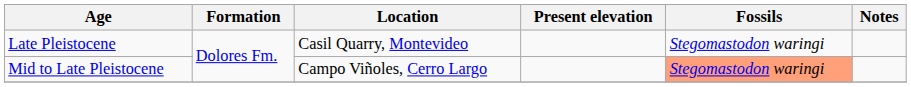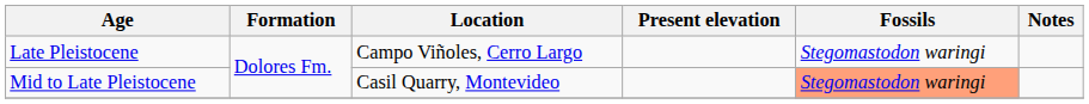 <table class="wikitable sortable" style="width: 70%;">
 <tr>
 <th>Age</th>
 <th>Formation</th>
 <th>Location</th>
 <th>Present elevation</th>
 <th>Fossils</th>
 <th class="unsortable">Notes</th>
 </tr>
 <tr>
 <td style="background-color: "><a href='#'>Late Pleistocene</a></td>
 <td rowspan=2><a href='#'>Dolores Fm.</a></td>
-<td>Casil Quarry, <a href='#'>Montevideo</a></td>
+<td>Campo Viñoles, <a href='#'>Cerro Largo</a></td>
 <td></td>
 <td><em><a href='#'>Stegomastodon</a> waringi</em></td>
 <td></td>
 </tr>
 <tr>
 <td style="background-color: "><a href='#'>Mid to Late Pleistocene</a></td>
-<td>Campo Viñoles, <a href='#'>Cerro Largo</a></td>
+<td>Casil Quarry, <a href='#'>Montevideo</a></td>
 <td></td>
 <td style="background: lightsalmon;"><em><a href='#'>Stegomastodon</a> waringi</em></td>
 <td></td>
 </tr>
 <tr>
 </tr>
 </table>
